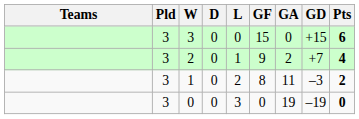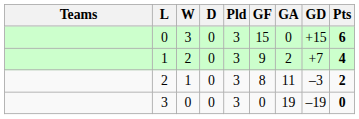 <table class="wikitable" style="text-align: center;">
 <tr>
 <th width=165>Teams</th>
-<th width=20>Pld</th>
+<th width=20>L</th>
 <th width=20>W</th>
 <th width=20>D</th>
-<th width=20>L</th>
+<th width=20>Pld</th>
 <th width=20>GF</th>
 <th width=20>GA</th>
 <th width=20>GD</th>
 <th width=20>Pts</th>
 </tr>
 <tr align=center style="background:#ccffcc;">
 <td style="text-align:left;"></td>
-<td>3</td>
+<td>0</td>
 <td>3</td>
 <td>0</td>
-<td>0</td>
+<td>3</td>
 <td>15</td>
 <td>0</td>
 <td>+15</td>
 <td><strong>6</strong></td>
 </tr>
 <tr align=center style="background:#ccffcc;">
 <td style="text-align:left;"></td>
-<td>3</td>
+<td>1</td>
 <td>2</td>
 <td>0</td>
-<td>1</td>
+<td>3</td>
 <td>9</td>
 <td>2</td>
 <td>+7</td>
 <td><strong>4</strong></td>
 </tr>
 <tr align=center>
 <td style="text-align:left;"></td>
-<td>3</td>
+<td>2</td>
 <td>1</td>
 <td>0</td>
-<td>2</td>
+<td>3</td>
 <td>8</td>
 <td>11</td>
 <td>–3</td>
 <td><strong>2</strong></td>
 </tr>
 <tr align=center>
 <td style="text-align:left;"></td>
 <td>3</td>
 <td>0</td>
 <td>0</td>
 <td>3</td>
 <td>0</td>
 <td>19</td>
 <td>–19</td>
 <td><strong>0</strong></td>
 </tr>
 </table>
